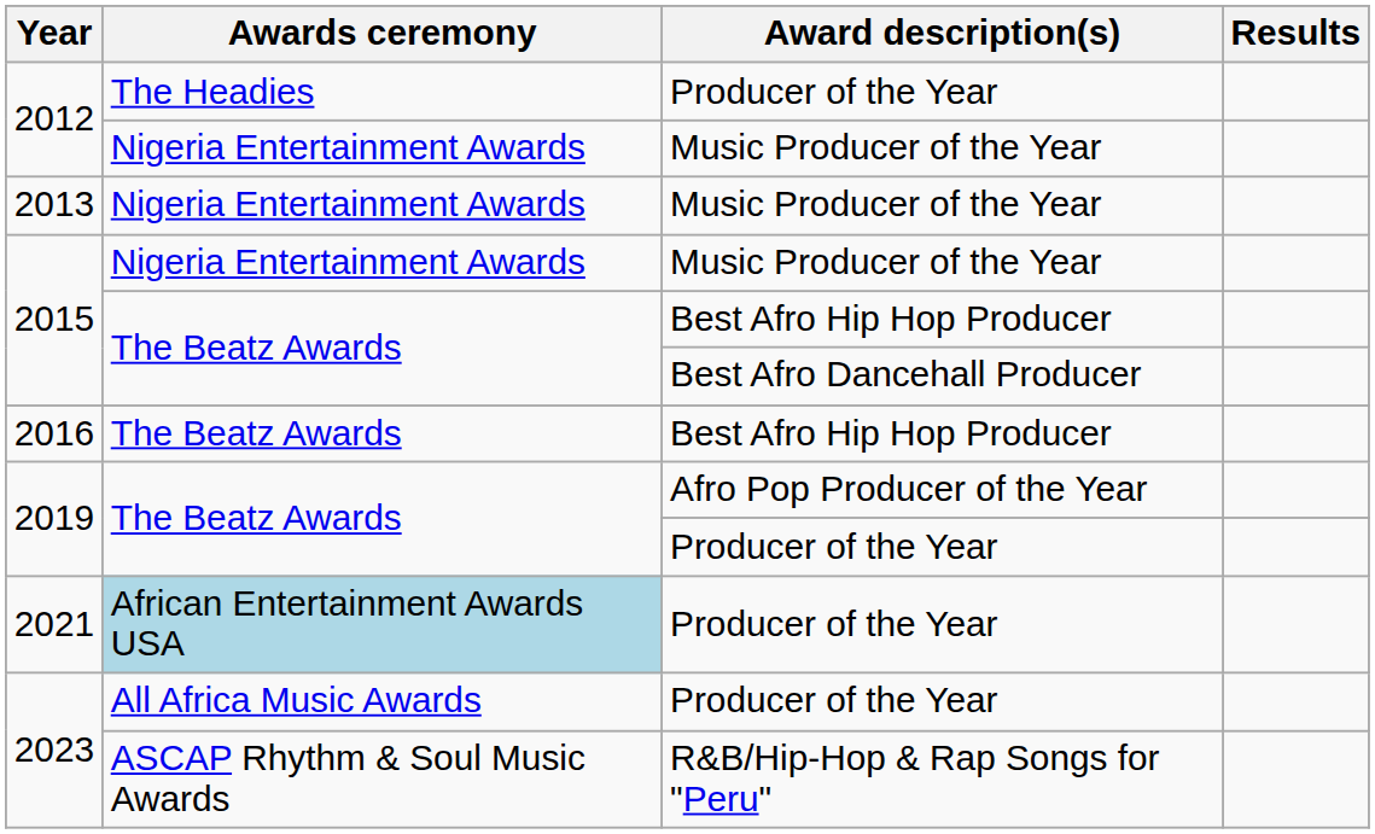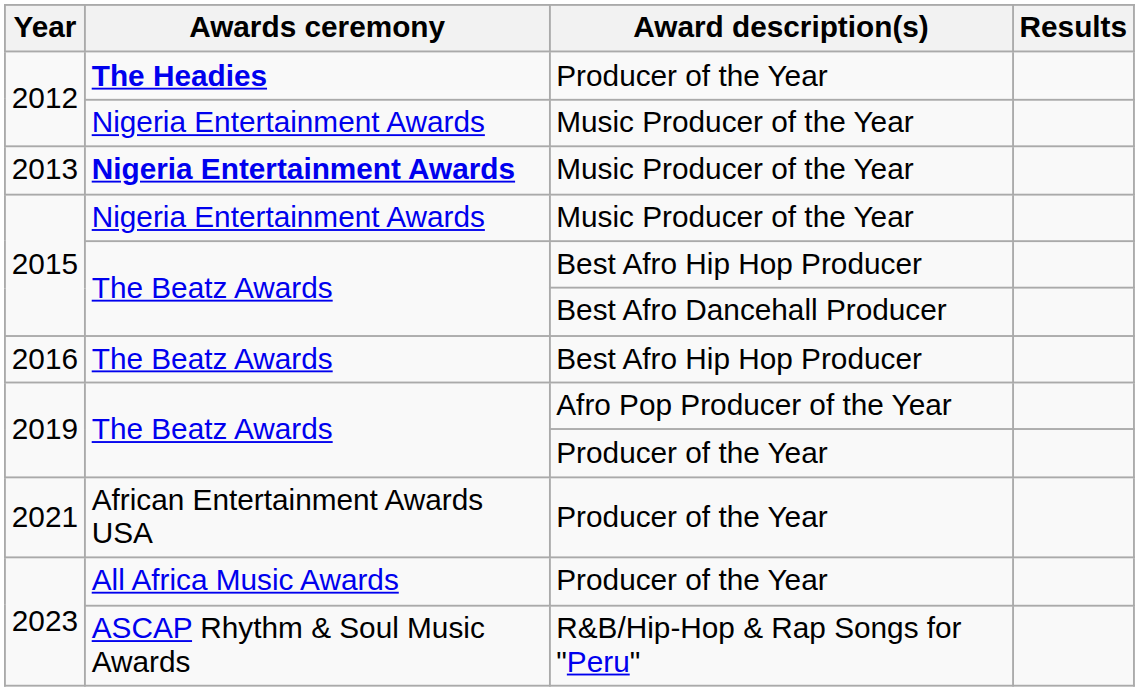 <table class="wikitable">
 <tr>
 <th>Year</th>
 <th>Awards ceremony</th>
 <th>Award description(s)</th>
 <th>Results</th>
 </tr>
 <tr>
 <td rowspan="2">2012</td>
-<td><a href='#'>The Headies</a></td>
+<td><strong><a href='#'>The Headies</a></strong></td>
 <td>Producer of the Year</td>
 <td></td>
 </tr>
 <tr>
 <td><a href='#'>Nigeria Entertainment Awards</a></td>
 <td>Music Producer of the Year</td>
 <td></td>
 </tr>
 <tr>
 <td>2013</td>
-<td><a href='#'>Nigeria Entertainment Awards</a></td>
+<td><strong><a href='#'>Nigeria Entertainment Awards</a></strong></td>
 <td>Music Producer of the Year</td>
 <td></td>
 </tr>
 <tr>
 <td rowspan="3">2015</td>
 <td><a href='#'>Nigeria Entertainment Awards</a></td>
 <td>Music Producer of the Year</td>
 <td></td>
 </tr>
 <tr>
 <td rowspan="2"><a href='#'>The Beatz Awards</a></td>
 <td>Best Afro Hip Hop Producer</td>
 <td></td>
 </tr>
 <tr>
 <td>Best Afro Dancehall Producer</td>
 <td></td>
 </tr>
 <tr>
 <td>2016</td>
 <td><a href='#'>The Beatz Awards</a></td>
 <td>Best Afro Hip Hop Producer</td>
 <td></td>
 </tr>
 <tr>
 <td rowspan="2">2019</td>
 <td rowspan="2"><a href='#'>The Beatz Awards</a></td>
 <td>Afro Pop Producer of the Year</td>
 <td></td>
 </tr>
 <tr>
 <td>Producer of the Year</td>
 <td></td>
 </tr>
 <tr>
 <td>2021</td>
-<td style="background: lightblue;">African Entertainment Awards USA</td>
+<td>African Entertainment Awards USA</td>
 <td>Producer of the Year</td>
 <td></td>
 </tr>
 <tr>
 <td rowspan="2">2023</td>
 <td><a href='#'>All Africa Music Awards</a></td>
 <td>Producer of the Year</td>
 <td></td>
 </tr>
 <tr>
 <td><a href='#'>ASCAP</a> Rhythm & Soul Music Awards</td>
 <td>R&B/Hip-Hop & Rap Songs for "<a href='#'>Peru</a>"</td>
 <td></td>
 </tr>
 </table>
